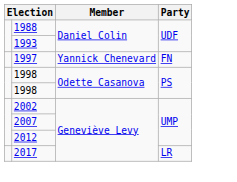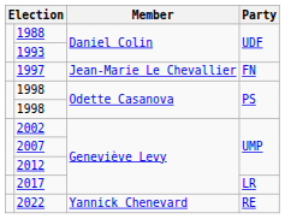 <table class="wikitable">
 <tr>
 <th colspan=2>Election</th>
 <th>Member</th>
 <th>Party</th>
 </tr>
 <tr>
 <td rowspan="2" style="background-color: "></td>
 <td><a href='#'>1988</a></td>
 <td rowspan="2"><a href='#'>Daniel Colin</a></td>
 <td rowspan="2"><a href='#'>UDF</a></td>
 </tr>
 <tr>
 <td><a href='#'>1993</a></td>
 </tr>
 <tr>
 <td style="background-color: "></td>
 <td><a href='#'>1997</a></td>
-<td><a href='#'>Yannick Chenevard</a></td>
+<td><a href='#'>Jean-Marie Le Chevallier</a></td>
 <td><a href='#'>FN</a></td>
 </tr>
 <tr>
 <td rowspan="2" style="background-color: "></td>
 <td>1998</td>
 <td rowspan="2"><a href='#'>Odette Casanova</a></td>
 <td rowspan="2"><a href='#'>PS</a></td>
 </tr>
 <tr>
 <td>1998</td>
 </tr>
 <tr>
 <td rowspan="3" style="background-color: "></td>
 <td><a href='#'>2002</a></td>
 <td rowspan="4"><a href='#'>Geneviève Levy</a></td>
 <td rowspan="3"><a href='#'>UMP</a></td>
 </tr>
 <tr>
 <td><a href='#'>2007</a></td>
 </tr>
 <tr>
 <td><a href='#'>2012</a></td>
 </tr>
 <tr>
 <td style="background-color: "></td>
 <td><a href='#'>2017</a></td>
 <td><a href='#'>LR</a></td>
 </tr>
+<tr>
+<td style="background-color: "></td>
+<td><a href='#'>2022</a></td>
+<td><a href='#'>Yannick Chenevard</a></td>
+<td><a href='#'>RE</a></td>
+</tr>
 </table>
